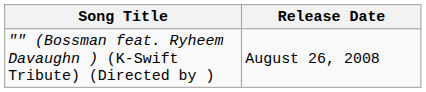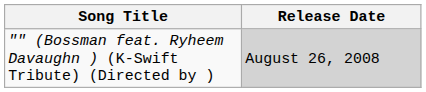 <table class="wikitable">
 <tr>
 <th width="200">Song Title</th>
 <th width="150" align="center">Release Date</th>
 </tr>
 <tr>
 <td><em>"" (Bossman feat. Ryheem Davaughn )</em> (K-Swift Tribute) (Directed by )</td>
-<td>August 26, 2008</td>
+<td style="background: lightgrey;">August 26, 2008</td>
 </tr>
 </table>
